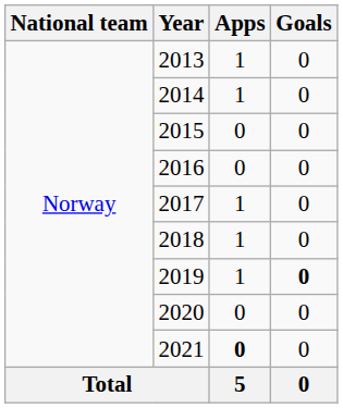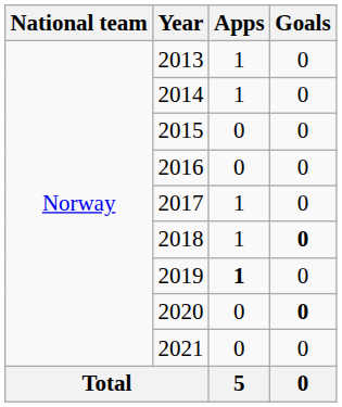 <table class=wikitable style=text-align:center>
 <tr>
 <th>National team</th>
 <th>Year</th>
 <th>Apps</th>
 <th>Goals</th>
 </tr>
 <tr>
 <td rowspan="9"><a href='#'>Norway</a></td>
 <td>2013</td>
 <td>1</td>
 <td>0</td>
 </tr>
 <tr>
 <td>2014</td>
 <td>1</td>
 <td>0</td>
 </tr>
 <tr>
 <td>2015</td>
 <td>0</td>
 <td>0</td>
 </tr>
 <tr>
 <td>2016</td>
 <td>0</td>
 <td>0</td>
 </tr>
 <tr>
 <td>2017</td>
 <td>1</td>
 <td>0</td>
 </tr>
 <tr>
 <td>2018</td>
 <td>1</td>
-<td>0</td>
+<td><strong>0</strong></td>
 </tr>
 <tr>
 <td>2019</td>
-<td>1</td>
-<td><strong>0</strong></td>
+<td><strong>1</strong></td>
+<td>0</td>
 </tr>
 <tr>
 <td>2020</td>
 <td>0</td>
-<td>0</td>
+<td><strong>0</strong></td>
 </tr>
 <tr>
 <td>2021</td>
-<td><strong>0</strong></td>
+<td>0</td>
 <td>0</td>
 </tr>
 <tr>
 <th colspan="2">Total</th>
 <th>5</th>
 <th>0</th>
 </tr>
 </table>
